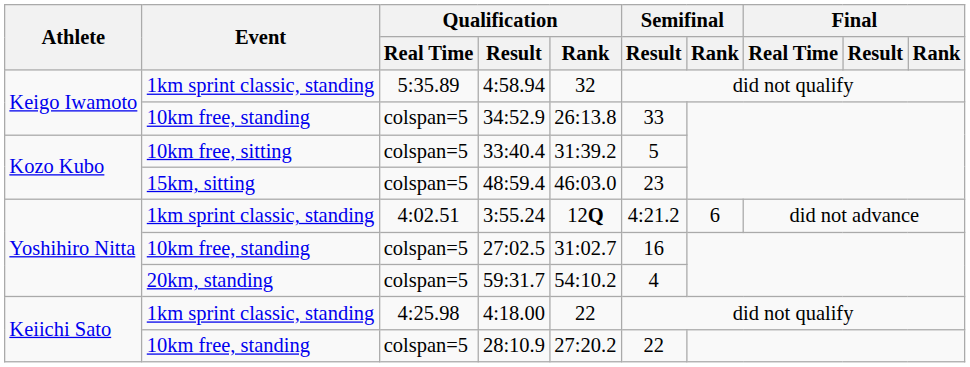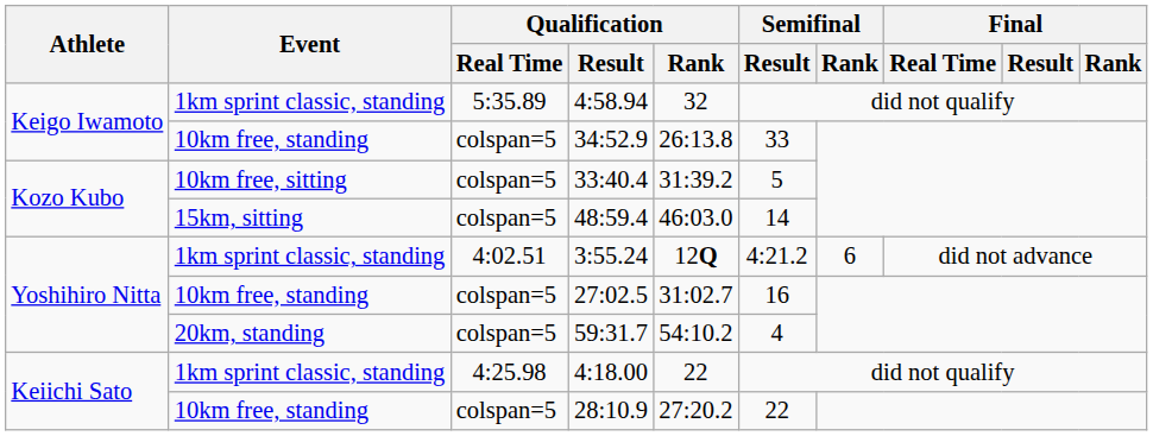 <table class="wikitable" style="font-size:100%">
 <tr>
 <th rowspan="2">Athlete</th>
 <th rowspan="2">Event</th>
 <th colspan="3">Qualification</th>
 <th colspan="2">Semifinal</th>
 <th colspan="3">Final</th>
 </tr>
 <tr>
 <th>Real Time</th>
 <th>Result</th>
 <th>Rank</th>
 <th>Result</th>
 <th>Rank</th>
 <th>Real Time</th>
 <th>Result</th>
 <th>Rank</th>
 </tr>
 <tr>
 <td rowspan=2><a href='#'>Keigo Iwamoto</a></td>
 <td><a href='#'>1km sprint classic, standing</a></td>
 <td align="center">5:35.89</td>
 <td align="center">4:58.94</td>
 <td align="center">32</td>
 <td colspan=5 align="center">did not qualify</td>
 </tr>
 <tr>
 <td><a href='#'>10km free, standing</a></td>
 <td>colspan=5 </td>
 <td align="center">34:52.9</td>
 <td align="center">26:13.8</td>
 <td align="center">33</td>
 </tr>
 <tr>
 <td rowspan=2><a href='#'>Kozo Kubo</a></td>
 <td><a href='#'>10km free, sitting</a></td>
 <td>colspan=5 </td>
 <td align="center">33:40.4</td>
 <td align="center">31:39.2</td>
 <td align="center">5</td>
 </tr>
 <tr>
 <td><a href='#'>15km, sitting</a></td>
 <td>colspan=5 </td>
 <td align="center">48:59.4</td>
 <td align="center">46:03.0</td>
-<td align="center">23</td>
+<td align="center">14</td>
 </tr>
 <tr>
 <td rowspan=3><a href='#'>Yoshihiro Nitta</a></td>
 <td><a href='#'>1km sprint classic, standing</a></td>
 <td align="center">4:02.51</td>
 <td align="center">3:55.24</td>
 <td align="center">12<strong>Q</strong></td>
 <td align="center">4:21.2</td>
 <td align="center">6</td>
 <td colspan=3 align="center">did not advance</td>
 </tr>
 <tr>
 <td><a href='#'>10km free, standing</a></td>
 <td>colspan=5 </td>
 <td align="center">27:02.5</td>
 <td align="center">31:02.7</td>
 <td align="center">16</td>
 </tr>
 <tr>
 <td><a href='#'>20km, standing</a></td>
 <td>colspan=5 </td>
 <td align="center">59:31.7</td>
 <td align="center">54:10.2</td>
 <td align="center">4</td>
 </tr>
 <tr>
 <td rowspan=2><a href='#'>Keiichi Sato</a></td>
 <td><a href='#'>1km sprint classic, standing</a></td>
 <td align="center">4:25.98</td>
 <td align="center">4:18.00</td>
 <td align="center">22</td>
 <td colspan=5 align="center">did not qualify</td>
 </tr>
 <tr>
 <td><a href='#'>10km free, standing</a></td>
 <td>colspan=5 </td>
 <td align="center">28:10.9</td>
 <td align="center">27:20.2</td>
 <td align="center">22</td>
 </tr>
 </table>
